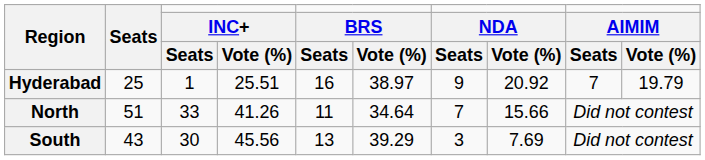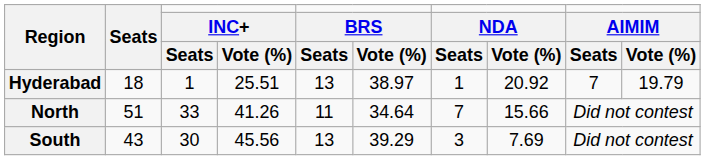 <table class="wikitable sortable" style="text-align:center;">
 <tr>
 <th rowspan=3 class="wikitable">Region</th>
 <th rowspan=3 class="wikitable">Seats</th>
 <td colspan=2></td>
 <td colspan=2></td>
 <td colspan=2></td>
 <td colspan=2></td>
 </tr>
 <tr>
 <th colspan=2 class="wikitable"><a href='#'>INC</a>+</th>
 <th colspan=2 class="wikitable"><a href='#'>BRS</a></th>
 <th colspan=2 class="wikitable"><a href='#'>NDA</a></th>
 <th colspan=2 class="wikitable"><a href='#'>AIMIM</a></th>
 </tr>
 <tr>
 <th>Seats</th>
 <th>Vote (%)</th>
 <th>Seats</th>
 <th>Vote (%)</th>
 <th>Seats</th>
 <th>Vote (%)</th>
 <th>Seats</th>
 <th>Vote (%)</th>
 </tr>
 <tr>
 <th>Hyderabad</th>
-<td>25</td>
+<td>18</td>
 <td>1</td>
 <td>25.51</td>
-<td style="background:">16</td>
+<td style="background:">13</td>
 <td>38.97</td>
-<td>9</td>
+<td>1</td>
 <td>20.92</td>
 <td>7</td>
 <td>19.79</td>
 </tr>
 <tr>
 <th>North</th>
 <td>51</td>
 <td style="background:">33</td>
 <td>41.26</td>
 <td>11</td>
 <td>34.64</td>
 <td>7</td>
 <td>15.66</td>
 <td colspan="2"><em>Did not contest</em></td>
 </tr>
 <tr>
 <th>South</th>
 <td>43</td>
 <td style="background:">30</td>
 <td>45.56</td>
 <td>13</td>
 <td>39.29</td>
 <td>3</td>
 <td>7.69</td>
 <td colspan="2"><em>Did not contest</em></td>
 </tr>
 </table>
